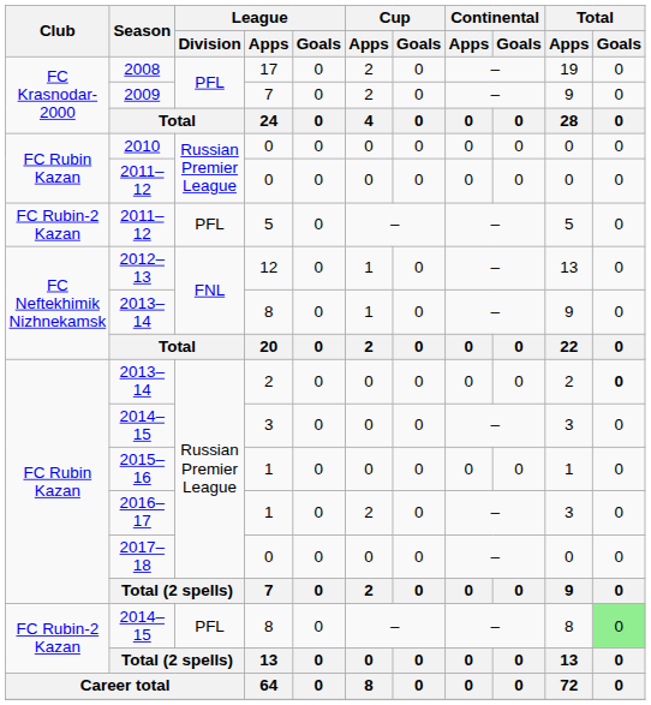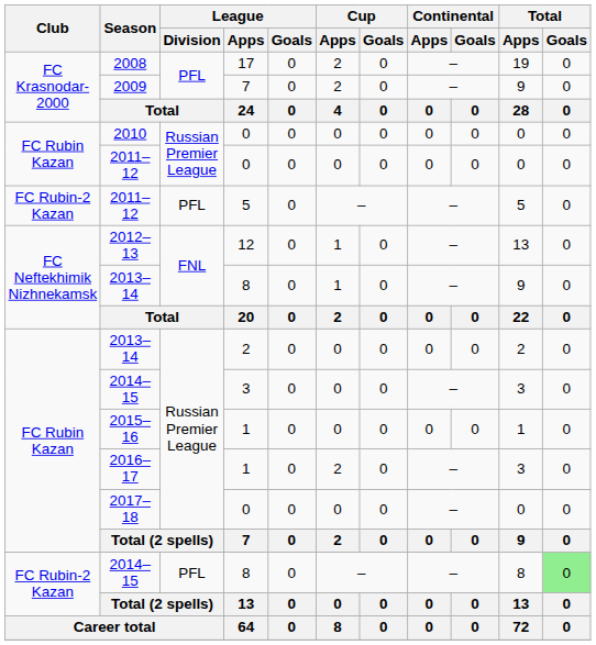 <table class="wikitable" style="text-align: center;">
 <tr>
 <th rowspan=2>Club</th>
 <th rowspan=2>Season</th>
 <th colspan=3>League</th>
 <th colspan=2>Cup</th>
 <th colspan=2>Continental</th>
 <th colspan=2>Total</th>
 </tr>
 <tr>
 <th>Division</th>
 <th>Apps</th>
 <th>Goals</th>
 <th>Apps</th>
 <th>Goals</th>
 <th>Apps</th>
 <th>Goals</th>
 <th>Apps</th>
 <th>Goals</th>
 </tr>
 <tr>
 <td rowspan=3><a href='#'>FC Krasnodar-2000</a></td>
 <td><a href='#'>2008</a></td>
 <td rowspan=2><a href='#'>PFL</a></td>
 <td>17</td>
 <td>0</td>
 <td>2</td>
 <td>0</td>
 <td colspan=2>–</td>
 <td>19</td>
 <td>0</td>
 </tr>
 <tr>
 <td><a href='#'>2009</a></td>
 <td>7</td>
 <td>0</td>
 <td>2</td>
 <td>0</td>
 <td colspan=2>–</td>
 <td>9</td>
 <td>0</td>
 </tr>
 <tr>
 <th colspan=2>Total</th>
 <th>24</th>
 <th>0</th>
 <th>4</th>
 <th>0</th>
 <th>0</th>
 <th>0</th>
 <th>28</th>
 <th>0</th>
 </tr>
 <tr>
 <td rowspan=2><a href='#'>FC Rubin Kazan</a></td>
 <td><a href='#'>2010</a></td>
 <td rowspan=2><a href='#'>Russian Premier League</a></td>
 <td>0</td>
 <td>0</td>
 <td>0</td>
 <td>0</td>
 <td>0</td>
 <td>0</td>
 <td>0</td>
 <td>0</td>
 </tr>
 <tr>
 <td><a href='#'>2011–12</a></td>
 <td>0</td>
 <td>0</td>
 <td>0</td>
 <td>0</td>
 <td>0</td>
 <td>0</td>
 <td>0</td>
 <td>0</td>
 </tr>
 <tr>
 <td><a href='#'>FC Rubin-2 Kazan</a></td>
 <td><a href='#'>2011–12</a></td>
 <td>PFL</td>
 <td>5</td>
 <td>0</td>
 <td colspan=2>–</td>
 <td colspan=2>–</td>
 <td>5</td>
 <td>0</td>
 </tr>
 <tr>
 <td rowspan=3><a href='#'>FC Neftekhimik Nizhnekamsk</a></td>
 <td><a href='#'>2012–13</a></td>
 <td rowspan=2><a href='#'>FNL</a></td>
 <td>12</td>
 <td>0</td>
 <td>1</td>
 <td>0</td>
 <td colspan=2>–</td>
 <td>13</td>
 <td>0</td>
 </tr>
 <tr>
 <td><a href='#'>2013–14</a></td>
 <td>8</td>
 <td>0</td>
 <td>1</td>
 <td>0</td>
 <td colspan=2>–</td>
 <td>9</td>
 <td>0</td>
 </tr>
 <tr>
 <th colspan=2>Total</th>
 <th>20</th>
 <th>0</th>
 <th>2</th>
 <th>0</th>
 <th>0</th>
 <th>0</th>
 <th>22</th>
 <th>0</th>
 </tr>
 <tr>
 <td rowspan=6><a href='#'>FC Rubin Kazan</a></td>
 <td><a href='#'>2013–14</a></td>
 <td rowspan=5>Russian Premier League</td>
 <td>2</td>
 <td>0</td>
 <td>0</td>
 <td>0</td>
 <td>0</td>
 <td>0</td>
 <td>2</td>
-<td><strong>0</strong></td>
+<td>0</td>
 </tr>
 <tr>
 <td><a href='#'>2014–15</a></td>
 <td>3</td>
 <td>0</td>
 <td>0</td>
 <td>0</td>
 <td colspan=2>–</td>
 <td>3</td>
 <td>0</td>
 </tr>
 <tr>
 <td><a href='#'>2015–16</a></td>
 <td>1</td>
 <td>0</td>
 <td>0</td>
 <td>0</td>
 <td>0</td>
 <td>0</td>
 <td>1</td>
 <td>0</td>
 </tr>
 <tr>
 <td><a href='#'>2016–17</a></td>
 <td>1</td>
 <td>0</td>
 <td>2</td>
 <td>0</td>
 <td colspan=2>–</td>
 <td>3</td>
 <td>0</td>
 </tr>
 <tr>
 <td><a href='#'>2017–18</a></td>
 <td>0</td>
 <td>0</td>
 <td>0</td>
 <td>0</td>
 <td colspan=2>–</td>
 <td>0</td>
 <td>0</td>
 </tr>
 <tr>
 <th colspan=2>Total (2 spells)</th>
 <th>7</th>
 <th>0</th>
 <th>2</th>
 <th>0</th>
 <th>0</th>
 <th>0</th>
 <th>9</th>
 <th>0</th>
 </tr>
 <tr>
 <td rowspan=2><a href='#'>FC Rubin-2 Kazan</a></td>
 <td><a href='#'>2014–15</a></td>
 <td>PFL</td>
 <td>8</td>
 <td>0</td>
 <td colspan=2>–</td>
 <td colspan=2>–</td>
 <td>8</td>
 <td style="background: lightgreen;">0</td>
 </tr>
 <tr>
 <th colspan=2>Total (2 spells)</th>
 <th>13</th>
 <th>0</th>
 <th>0</th>
 <th>0</th>
 <th>0</th>
 <th>0</th>
 <th>13</th>
 <th>0</th>
 </tr>
 <tr>
 <th colspan=3>Career total</th>
 <th>64</th>
 <th>0</th>
 <th>8</th>
 <th>0</th>
 <th>0</th>
 <th>0</th>
 <th>72</th>
 <th>0</th>
 </tr>
 <tr>
 </tr>
 </table>
